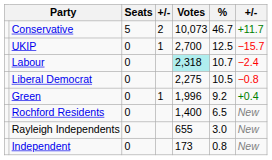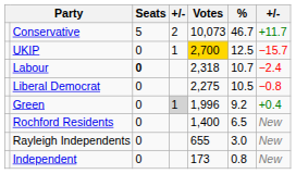 <table class="wikitable sortable">
 <tr>
 <th colspan="2">Party</th>
 <th>Seats</th>
 <th>+/-</th>
 <th>Votes</th>
 <th>%</th>
 <th>+/-</th>
 </tr>
 <tr>
 <td style="background-color: "></td>
 <td><a href='#'>Conservative</a></td>
 <td>5</td>
 <td>2</td>
 <td>10,073</td>
 <td>46.7</td>
 <td style="color:green">+11.7</td>
 </tr>
 <tr>
 <td style="background-color: "></td>
 <td><a href='#'>UKIP</a></td>
 <td>0</td>
 <td>1</td>
-<td>2,700</td>
+<td style="background: gold;">2,700</td>
 <td>12.5</td>
 <td style="color:red">−15.7</td>
 </tr>
 <tr>
 <td style="background-color: "></td>
 <td><a href='#'>Labour</a></td>
-<td>0</td>
+<td><strong>0</strong></td>
 <td></td>
-<td style="background: paleturquoise;">2,318</td>
+<td>2,318</td>
 <td>10.7</td>
 <td style="color:red">−2.4</td>
 </tr>
 <tr>
 <td style="background-color: "></td>
 <td><a href='#'>Liberal Democrat</a></td>
 <td>0</td>
 <td></td>
 <td>2,275</td>
 <td>10.5</td>
 <td style="color:red">−0.8</td>
 </tr>
 <tr>
 <td style="background-color: "></td>
 <td><a href='#'>Green</a></td>
 <td>0</td>
-<td>1</td>
+<td style="background: lightgrey;">1</td>
 <td>1,996</td>
 <td>9.2</td>
 <td style="color:green">+0.4</td>
 </tr>
 <tr>
 <td style="background-color: "></td>
 <td><a href='#'>Rochford Residents</a></td>
 <td>0</td>
 <td></td>
 <td>1,400</td>
 <td>6.5</td>
 <td style="color:grey"><em>New</em></td>
 </tr>
 <tr>
 <td style="background-color: "></td>
 <td>Rayleigh Independents</td>
 <td>0</td>
 <td></td>
 <td>655</td>
 <td>3.0</td>
 <td style="color:grey"><em>New</em></td>
 </tr>
 <tr>
 <td style="background-color: "></td>
 <td><a href='#'>Independent</a></td>
 <td>0</td>
 <td></td>
 <td>173</td>
 <td>0.8</td>
 <td style="color:grey"><em>New</em></td>
 </tr>
 </table>
